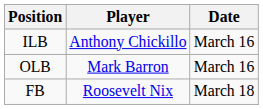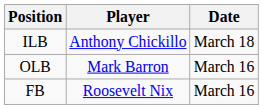 <table class="wikitable" style="text-align:center">
 <tr>
 <th>Position</th>
 <th>Player</th>
 <th>Date</th>
 </tr>
 <tr>
 <td>ILB</td>
 <td><a href='#'>Anthony Chickillo</a></td>
-<td>March 16</td>
+<td>March 18</td>
 </tr>
 <tr>
 <td>OLB</td>
 <td><a href='#'>Mark Barron</a></td>
 <td>March 16</td>
 </tr>
 <tr>
 <td>FB</td>
 <td><a href='#'>Roosevelt Nix</a></td>
-<td>March 18</td>
+<td>March 16</td>
 </tr>
 </table>
